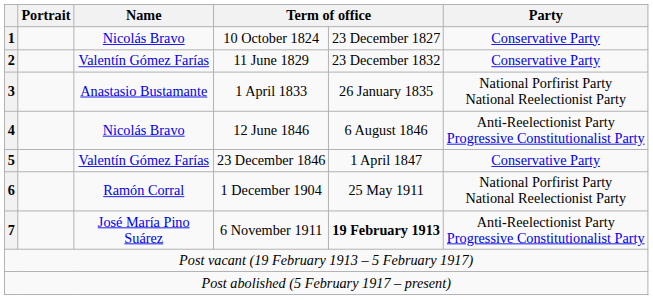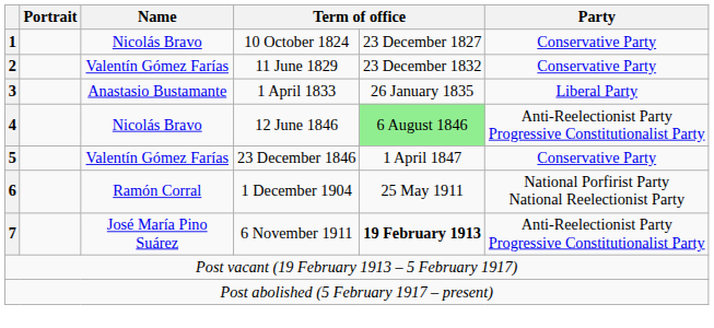 <table class="wikitable" style="text-align:center">
 <tr>
 <th></th>
 <th>Portrait</th>
 <th width=150>Name<br></th>
 <th colspan=2>Term of office</th>
 <th>Party</th>
 </tr>
 <tr>
 <th style="background-color:">1</th>
 <td></td>
 <td><a href='#'>Nicolás Bravo</a><br></td>
 <td>10 October 1824</td>
 <td>23 December 1827</td>
 <td><a href='#'>Conservative Party</a></td>
 </tr>
 <tr>
 <th style="background-color:">2</th>
 <td></td>
 <td><a href='#'>Valentín Gómez Farías</a><br></td>
 <td>11 June 1829</td>
 <td>23 December 1832</td>
 <td><a href='#'>Conservative Party</a></td>
 </tr>
 <tr>
 <th style="background-color:">3</th>
 <td></td>
 <td><a href='#'>Anastasio Bustamante</a><br></td>
 <td>1 April 1833</td>
 <td>26 January 1835</td>
-<td>National Porfirist Party<br>National Reelectionist Party</td>
+<td><a href='#'>Liberal Party</a></td>
 </tr>
 <tr>
 <th style="background-color:">4</th>
 <td></td>
 <td><a href='#'>Nicolás Bravo</a><br></td>
 <td>12 June 1846</td>
-<td>6 August 1846</td>
+<td style="background: lightgreen;">6 August 1846</td>
 <td>Anti-Reelectionist Party<br><a href='#'>Progressive Constitutionalist Party</a></td>
 </tr>
 <tr>
 <th style="background-color:">5</th>
 <td></td>
 <td><a href='#'>Valentín Gómez Farías</a><br></td>
 <td>23 December 1846</td>
 <td>1 April 1847</td>
 <td><a href='#'>Conservative Party</a></td>
 </tr>
 <tr>
 <th style="background-color:">6</th>
 <td></td>
 <td><a href='#'>Ramón Corral</a><br></td>
 <td>1 December 1904</td>
 <td>25 May 1911</td>
 <td>National Porfirist Party<br>National Reelectionist Party</td>
 </tr>
 <tr>
 <th style="background-color:">7</th>
 <td></td>
 <td><a href='#'>José María Pino Suárez</a><br></td>
 <td>6 November 1911</td>
 <td><strong>19 February 1913<br></strong></td>
 <td>Anti-Reelectionist Party<br><a href='#'>Progressive Constitutionalist Party</a></td>
 </tr>
 <tr>
 <td colspan=6 align=center><em>Post vacant (19 February 1913 – 5 February 1917)</em></td>
 </tr>
 <tr>
 <td colspan=6 align=center><em>Post abolished (5 February 1917 – present)</em></td>
 </tr>
 </table>
